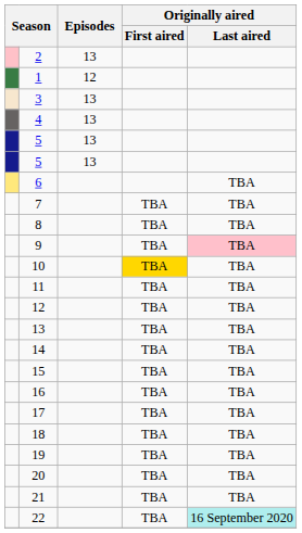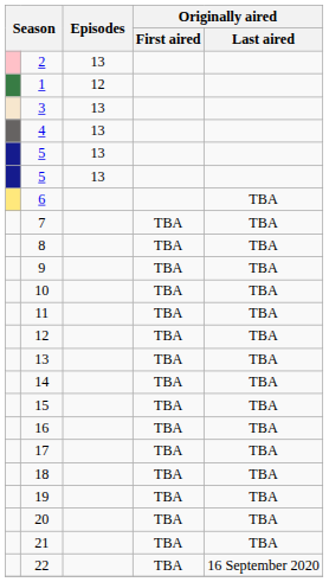 <table class="wikitable plainrowheaders" style="text-align:center;">
 <tr>
 <th scope="col" style="padding:0 8px;" colspan="2" rowspan="2">Season</th>
 <th scope="col" style="padding:0 8px;" rowspan="2">Episodes</th>
 <th scope="col" colspan="2">Originally aired</th>
 </tr>
 <tr>
 <th>First aired</th>
 <th>Last aired</th>
 </tr>
 <tr>
 <td scope="row" style="background:#FFC1C8; color:white; width:10px;"></td>
 <td><a href='#'>2</a></td>
 <td>13</td>
 <td></td>
 <td></td>
 </tr>
 <tr>
 <td scope="row" style="background:#387C44; color:black; width:10px;"></td>
 <td><a href='#'>1</a></td>
 <td>12</td>
 <td></td>
 <td></td>
 </tr>
 <tr>
 <td scope="row" style="background:#F7E7CE; color:black; width:10px;"></td>
 <td><a href='#'>3</a></td>
 <td>13</td>
 <td></td>
 <td></td>
 </tr>
 <tr>
 <td scope="row" style="background:#666362; color:black; width:10px;"></td>
 <td><a href='#'>4</a></td>
 <td>13</td>
 <td></td>
 <td></td>
 </tr>
 <tr>
 <td scope="row" style="background:#151B8D; color:white; width:10px;"></td>
 <td><a href='#'>5</a></td>
 <td>13</td>
 <td></td>
 <td></td>
 </tr>
 <tr>
 <td scope="row" style="background:#151B8D; color:white; width:10px;"></td>
 <td><a href='#'>5</a></td>
 <td>13</td>
 <td></td>
 <td></td>
 </tr>
 <tr>
 <td scope="row" style="background:#FFE87C; color:white; width:10px;"></td>
 <td><a href='#'>6</a></td>
 <td></td>
 <td></td>
 <td>TBA</td>
 </tr>
 <tr>
 <td></td>
 <td>7</td>
 <td></td>
 <td>TBA</td>
 <td>TBA</td>
 </tr>
 <tr>
 <td></td>
 <td>8</td>
 <td></td>
 <td>TBA</td>
 <td>TBA</td>
 </tr>
 <tr>
 <td></td>
 <td>9</td>
 <td></td>
 <td>TBA</td>
-<td style="background: pink;">TBA</td>
+<td>TBA</td>
 </tr>
 <tr>
 <td></td>
 <td>10</td>
 <td></td>
-<td style="background: gold;">TBA</td>
+<td>TBA</td>
 <td>TBA</td>
 </tr>
 <tr>
 <td></td>
 <td>11</td>
 <td></td>
 <td>TBA</td>
 <td>TBA</td>
 </tr>
 <tr>
 <td></td>
 <td>12</td>
 <td></td>
 <td>TBA</td>
 <td>TBA</td>
 </tr>
 <tr>
 <td></td>
 <td>13</td>
 <td></td>
 <td>TBA</td>
 <td>TBA</td>
 </tr>
 <tr>
 <td></td>
 <td>14</td>
 <td></td>
 <td>TBA</td>
 <td>TBA</td>
 </tr>
 <tr>
 <td></td>
 <td>15</td>
 <td></td>
 <td>TBA</td>
 <td>TBA</td>
 </tr>
 <tr>
 <td></td>
 <td>16</td>
 <td></td>
 <td>TBA</td>
 <td>TBA</td>
 </tr>
 <tr>
 <td></td>
 <td>17</td>
 <td></td>
 <td>TBA</td>
 <td>TBA</td>
 </tr>
 <tr>
 <td></td>
 <td>18</td>
 <td></td>
 <td>TBA</td>
 <td>TBA</td>
 </tr>
 <tr>
 <td></td>
 <td>19</td>
 <td></td>
 <td>TBA</td>
 <td>TBA</td>
 </tr>
 <tr>
 <td></td>
 <td>20</td>
 <td></td>
 <td>TBA</td>
 <td>TBA</td>
 </tr>
 <tr>
 <td></td>
 <td>21</td>
 <td></td>
 <td>TBA</td>
 <td>TBA</td>
 </tr>
 <tr>
 <td></td>
 <td>22</td>
 <td></td>
 <td>TBA</td>
-<td style="background: paleturquoise;">16 September 2020</td>
+<td>16 September 2020</td>
 </tr>
 <tr>
 </tr>
 </table>
